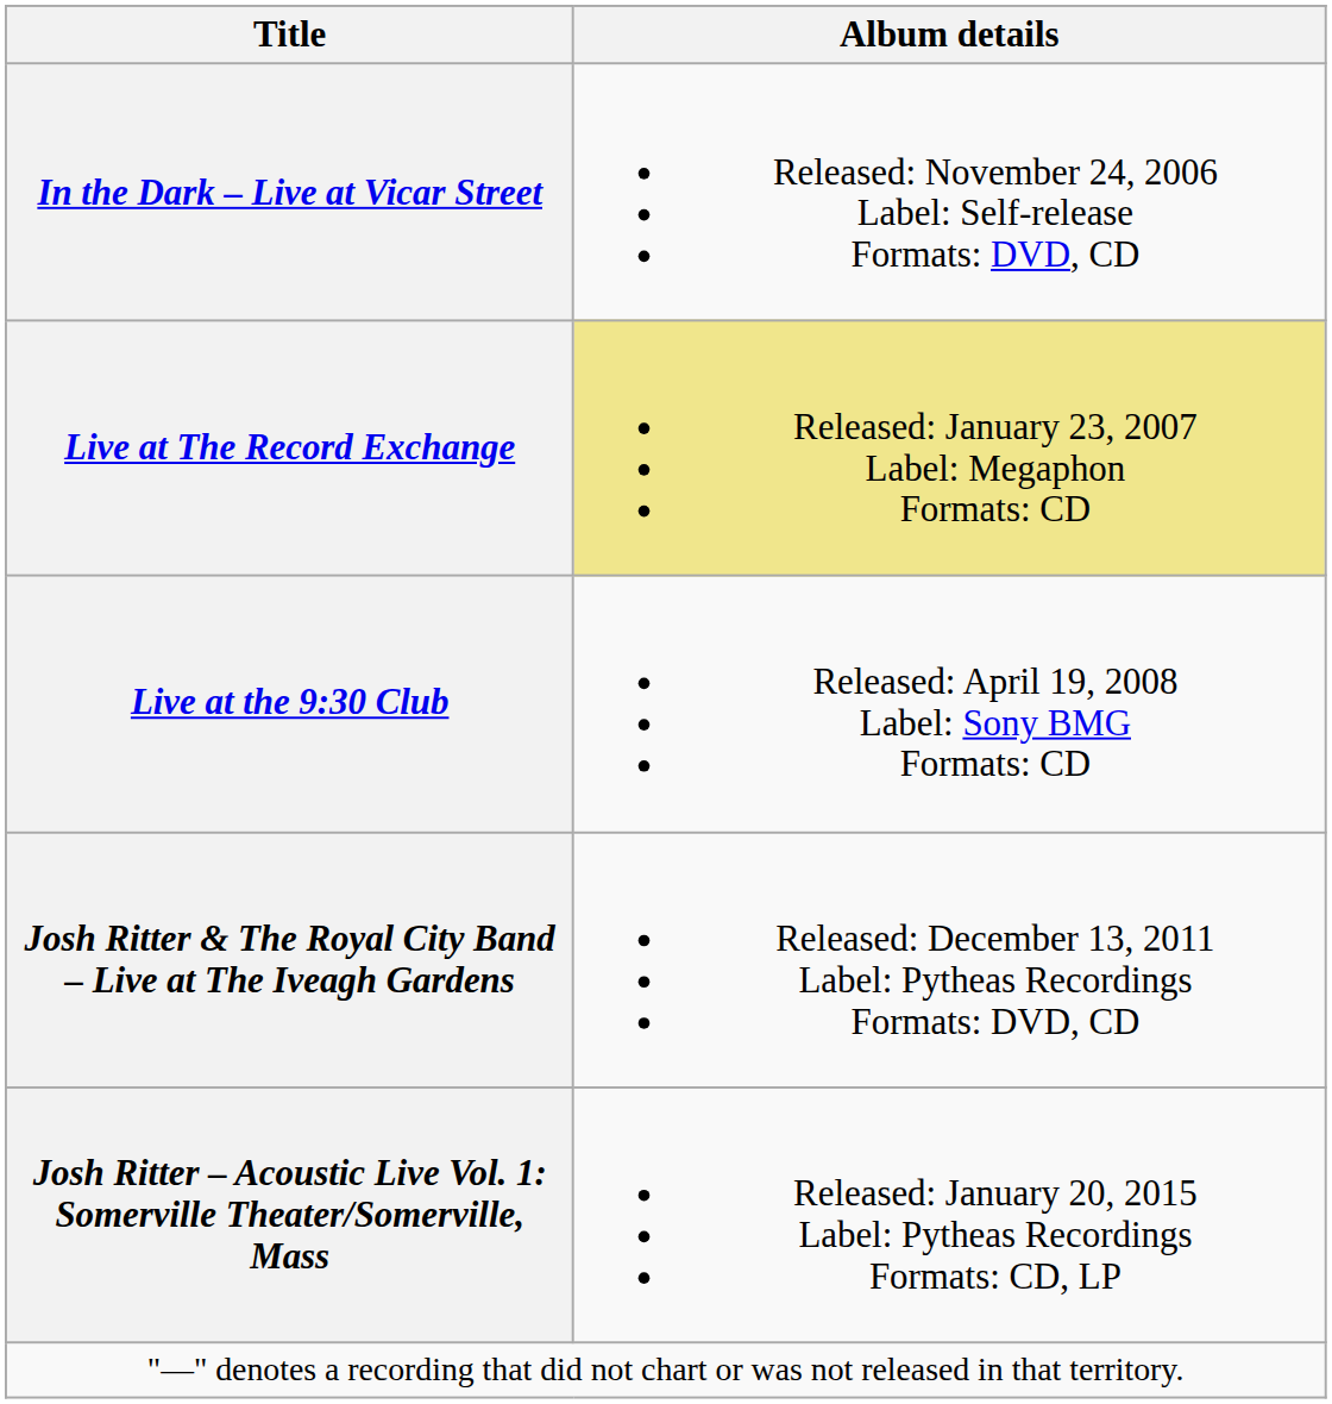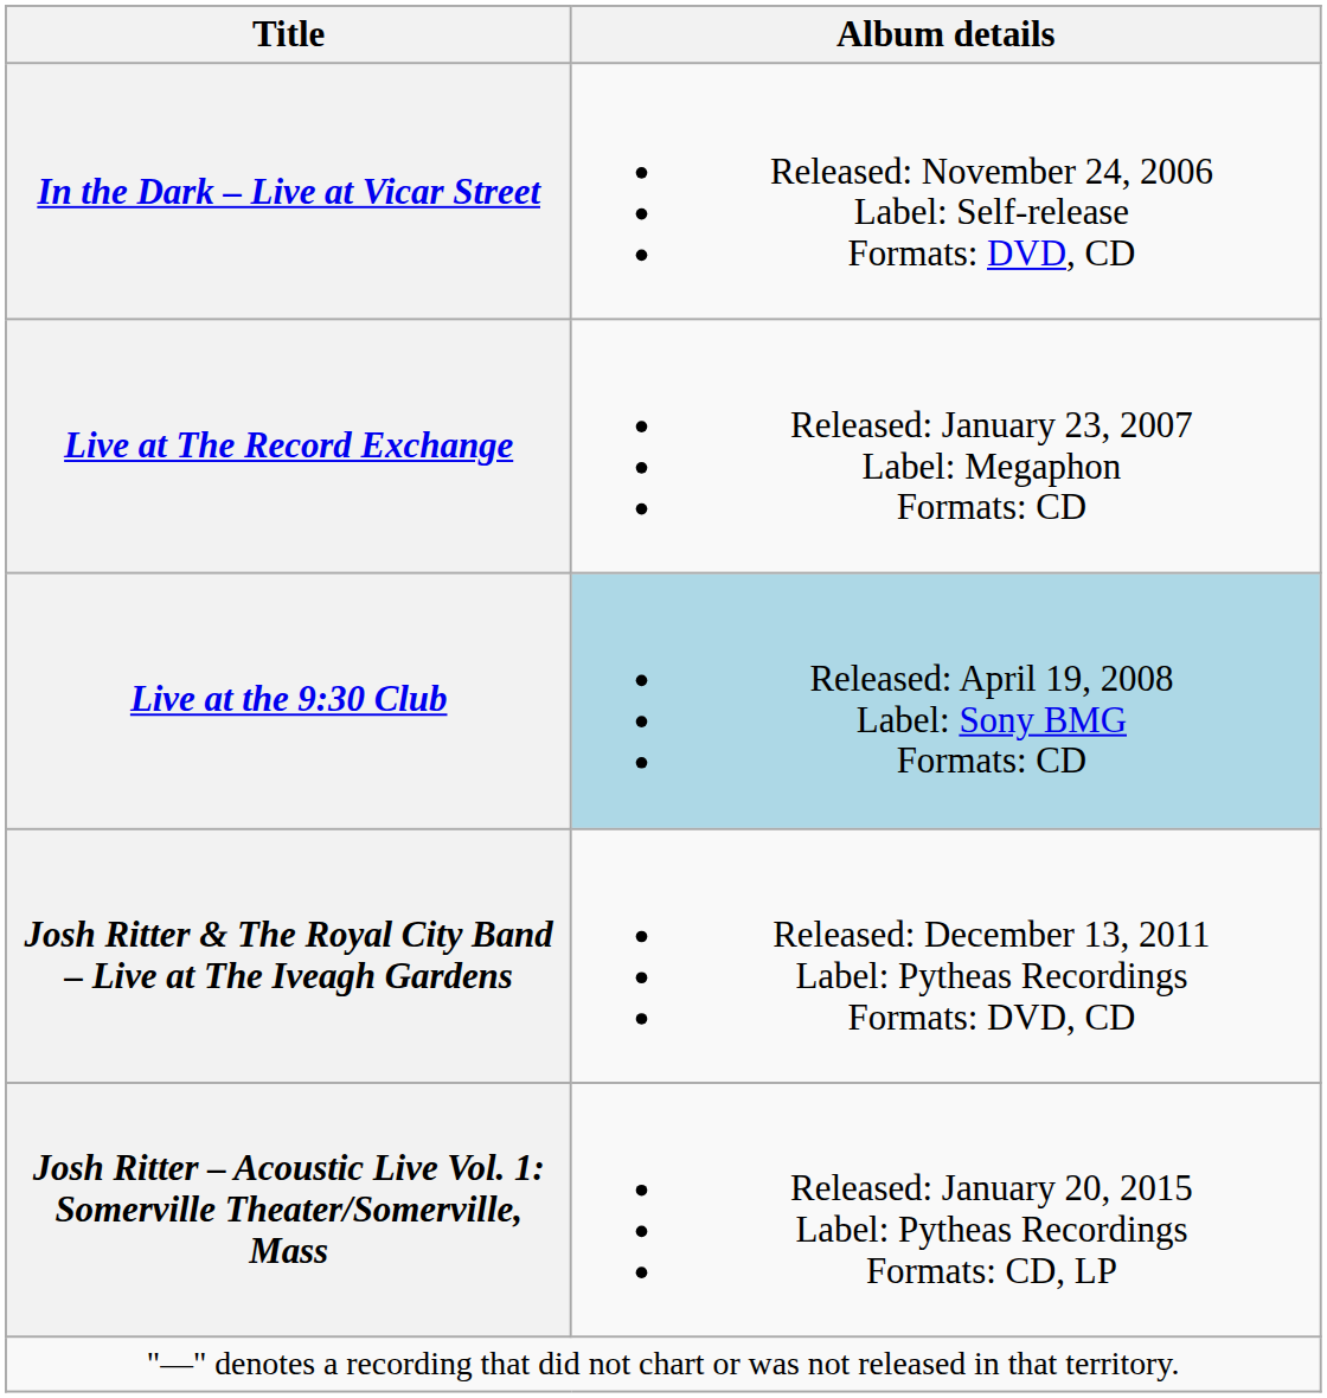 <table class="wikitable plainrowheaders" style="text-align:center;">
 <tr>
 <th scope="col" rowspan="1" style="width:15em;">Title</th>
 <th scope="col" rowspan="1" style="width:20em;">Album details</th>
 </tr>
 <tr>
 <th scope="row"><em><a href='#'>In the Dark – Live at Vicar Street</a></em></th>
 <td><br><ul><li>Released: November 24, 2006</li><li>Label: Self-release</li><li>Formats: <a href='#'>DVD</a>, CD</li></ul></td>
 </tr>
 <tr>
 <th scope="row"><em><a href='#'>Live at The Record Exchange</a></em></th>
-<td style="background: khaki;"><br><ul><li>Released: January 23, 2007</li><li>Label: Megaphon</li><li>Formats: CD</li></ul></td>
+<td><br><ul><li>Released: January 23, 2007</li><li>Label: Megaphon</li><li>Formats: CD</li></ul></td>
 </tr>
 <tr>
 <th scope="row"><em><a href='#'>Live at the 9:30 Club</a></em></th>
-<td><br><ul><li>Released: April 19, 2008</li><li>Label: <a href='#'>Sony BMG</a></li><li>Formats: CD</li></ul></td>
+<td style="background: lightblue;"><br><ul><li>Released: April 19, 2008</li><li>Label: <a href='#'>Sony BMG</a></li><li>Formats: CD</li></ul></td>
 </tr>
 <tr>
 <th scope="row"><em>Josh Ritter & The Royal City Band – Live at The Iveagh Gardens</em></th>
 <td><br><ul><li>Released: December 13, 2011</li><li>Label: Pytheas Recordings</li><li>Formats: DVD, CD</li></ul></td>
 </tr>
 <tr>
 <th scope="row"><em>Josh Ritter – Acoustic Live Vol. 1: Somerville Theater/Somerville, Mass</em></th>
 <td><br><ul><li>Released: January 20, 2015</li><li>Label: Pytheas Recordings</li><li>Formats: CD, LP</li></ul></td>
 </tr>
 <tr>
 <td colspan="4" style="font-size:90%">"—" denotes a recording that did not chart or was not released in that territory.</td>
 </tr>
 </table>
